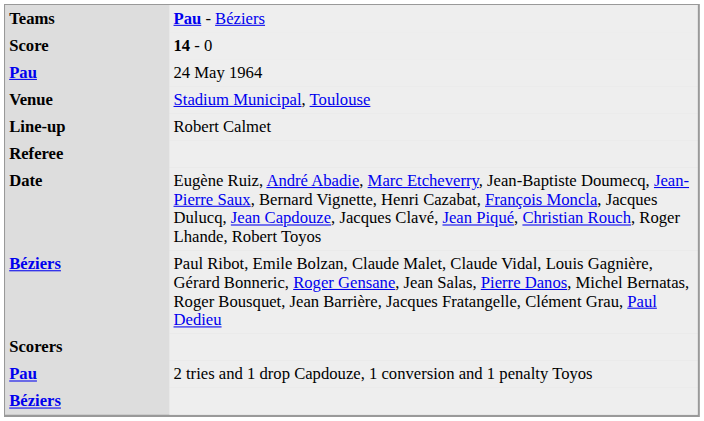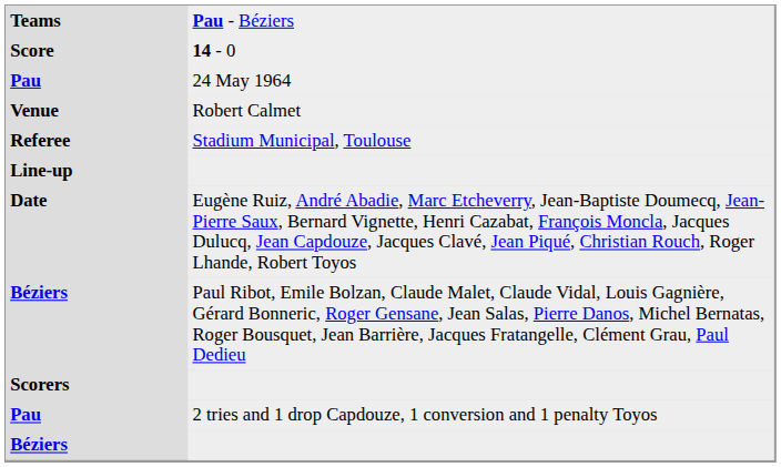 <table align="left" cellpadding="4" cellspacing="0"  style="margin: 0 0 0 0; border: 1px solid #999; border-right-width: 2px; border-bottom-width: 2px; background-color: #DDDDDD">
 <tr>
 <td width="150" valign="top"><strong>Teams</strong></td>
 <td width="500" bgcolor=#EEEEEE><strong><a href='#'>Pau</a> </strong> - <a href='#'>Béziers</a></td>
 </tr>
 <tr>
 <td valign="top"><strong>Score</strong></td>
 <td bgcolor=#EEEEEE><strong>14</strong> - 0</td>
 </tr>
 <tr>
 <td valign="top"><strong> <a href='#'>Pau</a> </strong></td>
 <td bgcolor=#EEEEEE>24 May 1964</td>
 </tr>
 <tr>
 <td valign="top"><strong>Venue</strong></td>
+<td bgcolor=#EEEEEE>Robert Calmet</td>
+</tr>
+<tr>
+<td valign="top"><strong>Referee</strong></td>
 <td bgcolor=#EEEEEE><a href='#'>Stadium Municipal</a>, <a href='#'>Toulouse</a></td>
 </tr>
 <tr>
 <td valign="top"><strong>Line-up</strong></td>
-<td bgcolor=#EEEEEE>Robert Calmet</td>
-</tr>
-<tr>
-<td valign="top"><strong>Referee</strong></td>
 <td bgcolor=#EEEEEE></td>
 </tr>
 <tr>
 <td valign="top"><strong>Date</strong></td>
 <td bgcolor=#EEEEEE>Eugène Ruiz, <a href='#'>André Abadie</a>, <a href='#'>Marc Etcheverry</a>, Jean-Baptiste Doumecq, <a href='#'>Jean-Pierre Saux</a>, Bernard Vignette, Henri Cazabat, <a href='#'>François Moncla</a>, Jacques Dulucq, <a href='#'>Jean Capdouze</a>, Jacques Clavé, <a href='#'>Jean Piqué</a>, <a href='#'>Christian Rouch</a>, Roger Lhande, Robert Toyos</td>
 </tr>
 <tr>
 <td valign="top"><strong><a href='#'>Béziers</a></strong></td>
 <td bgcolor=#EEEEEE>Paul Ribot, Emile Bolzan, Claude Malet, Claude Vidal, Louis Gagnière, Gérard Bonneric, <a href='#'>Roger Gensane</a>, Jean Salas, <a href='#'>Pierre Danos</a>, Michel Bernatas, Roger Bousquet, Jean Barrière, Jacques Fratangelle, Clément Grau, <a href='#'>Paul Dedieu</a></td>
 </tr>
 <tr>
 <td valign="top"><strong>Scorers</strong></td>
 <td bgcolor=#EEEEEE></td>
 </tr>
 <tr>
 <td valign="top"><strong><a href='#'>Pau</a>  </strong></td>
 <td bgcolor=#EEEEEE>2 tries and 1 drop Capdouze, 1 conversion and 1 penalty Toyos</td>
 </tr>
 <tr>
 <td valign="top"><strong><a href='#'>Béziers</a></strong></td>
 <td bgcolor=#EEEEEE></td>
 </tr>
 </table>
